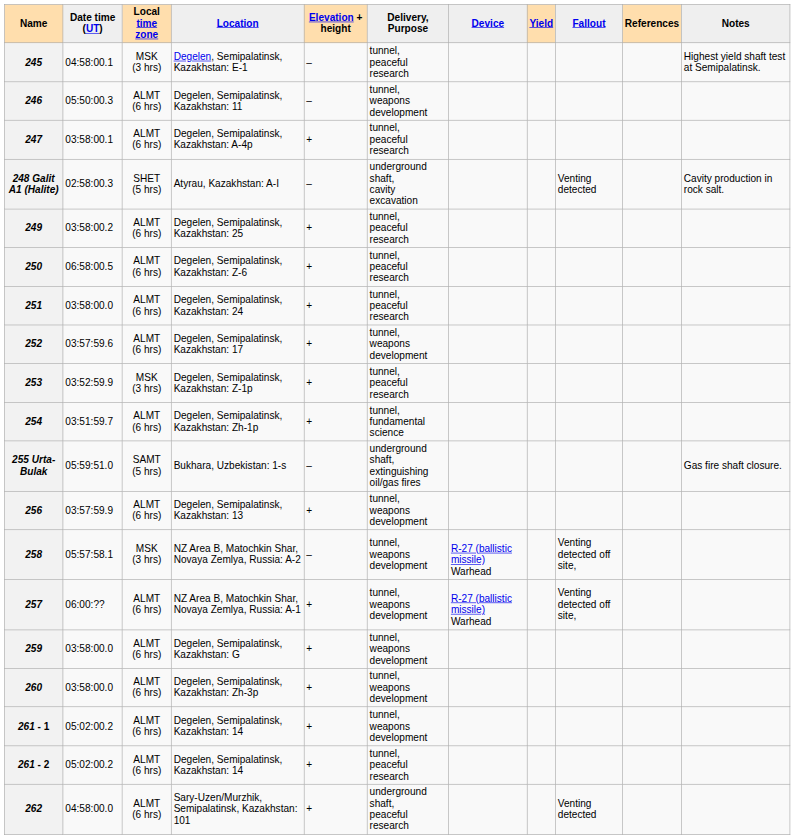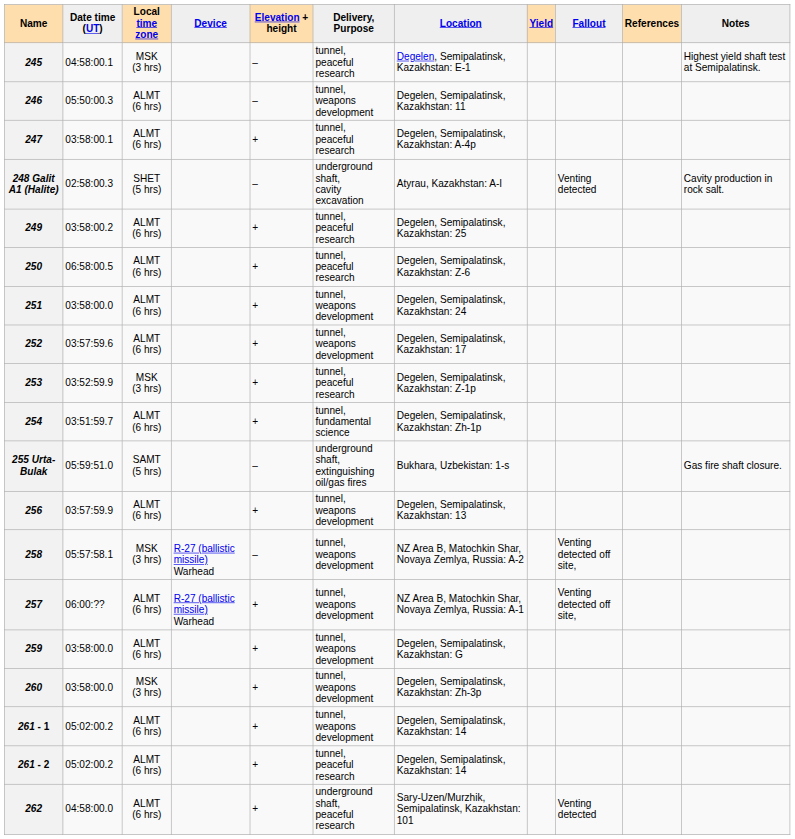 <table class="wikitable sortable">
 <tr>
 <th style="background:#ffdead;">Name </th>
 <th style="background:#efefef;">Date time (<a href='#'>UT</a>)</th>
 <th style="background:#ffdead;">Local <a href='#'>time zone</a></th>
-<th style="background:#efefef;"><a href='#'>Location</a></th>
+<th style="background:#efefef;"><a href='#'>Device</a></th>
 <th style="background:#ffdead;"><a href='#'>Elevation</a> + height </th>
 <th style="background:#efefef;">Delivery, <br>Purpose </th>
-<th style="background:#efefef;"><a href='#'>Device</a></th>
+<th style="background:#efefef;"><a href='#'>Location</a></th>
 <th style="background:#ffdead;"><a href='#'>Yield</a></th>
 <th style="background:#efefef;" class="unsortable"><a href='#'>Fallout</a></th>
 <th style="background:#ffdead;" class="unsortable">References</th>
 <th style="background:#efefef;" class="unsortable">Notes</th>
 </tr>
 <tr>
 <th><em>245</em></th>
 <td> 04:58:00.1</td>
 <td style="text-align:center;">MSK (3 hrs)<br></td>
-<td><a href='#'>Degelen</a>, Semipalatinsk, Kazakhstan: E-1 </td>
+<td></td>
 <td> – </td>
 <td>tunnel,<br>peaceful research</td>
-<td></td>
+<td><a href='#'>Degelen</a>, Semipalatinsk, Kazakhstan: E-1 </td>
 <td style="text-align:center;"></td>
 <td></td>
 <td></td>
 <td>Highest yield shaft test at Semipalatinsk.</td>
 </tr>
 <tr>
 <th><em>246</em></th>
 <td> 05:50:00.3</td>
 <td style="text-align:center;">ALMT (6 hrs)<br></td>
-<td>Degelen, Semipalatinsk, Kazakhstan: 11 </td>
+<td></td>
 <td> – </td>
 <td>tunnel,<br>weapons development</td>
-<td></td>
+<td>Degelen, Semipalatinsk, Kazakhstan: 11 </td>
 <td style="text-align:center;"></td>
 <td></td>
 <td></td>
 <td></td>
 </tr>
 <tr>
 <th><em>247</em></th>
 <td> 03:58:00.1</td>
 <td style="text-align:center;">ALMT (6 hrs)<br></td>
-<td>Degelen, Semipalatinsk, Kazakhstan: A-4p </td>
+<td></td>
 <td> +</td>
 <td>tunnel,<br>peaceful research</td>
-<td></td>
+<td>Degelen, Semipalatinsk, Kazakhstan: A-4p </td>
 <td style="text-align:center;"></td>
 <td></td>
 <td></td>
 <td></td>
 </tr>
 <tr>
 <th><em>248 Galit A1 (Halite)</em></th>
 <td> 02:58:00.3</td>
 <td style="text-align:center;">SHET (5 hrs)<br></td>
-<td>Atyrau, Kazakhstan: A-I </td>
+<td></td>
 <td> – </td>
 <td>underground shaft,<br>cavity excavation</td>
-<td></td>
+<td>Atyrau, Kazakhstan: A-I </td>
 <td style="text-align:center;"></td>
 <td>Venting detected</td>
 <td></td>
 <td>Cavity production in rock salt.</td>
 </tr>
 <tr>
 <th><em>249</em></th>
 <td> 03:58:00.2</td>
 <td style="text-align:center;">ALMT (6 hrs)<br></td>
-<td>Degelen, Semipalatinsk, Kazakhstan: 25 </td>
+<td></td>
 <td> +</td>
 <td>tunnel,<br>peaceful research</td>
-<td></td>
+<td>Degelen, Semipalatinsk, Kazakhstan: 25 </td>
 <td style="text-align:center;"></td>
 <td></td>
 <td></td>
 <td></td>
 </tr>
 <tr>
 <th><em>250</em></th>
 <td> 06:58:00.5</td>
 <td style="text-align:center;">ALMT (6 hrs)<br></td>
-<td>Degelen, Semipalatinsk, Kazakhstan: Z-6 </td>
+<td></td>
 <td> +</td>
 <td>tunnel,<br>peaceful research</td>
-<td></td>
+<td>Degelen, Semipalatinsk, Kazakhstan: Z-6 </td>
 <td style="text-align:center;"></td>
 <td></td>
 <td></td>
 <td></td>
 </tr>
 <tr>
 <th><em>251</em></th>
 <td> 03:58:00.0</td>
 <td style="text-align:center;">ALMT (6 hrs)<br></td>
+<td></td>
+<td> +</td>
+<td>tunnel,<br>weapons development</td>
 <td>Degelen, Semipalatinsk, Kazakhstan: 24 </td>
-<td> +</td>
-<td>tunnel,<br>peaceful research</td>
-<td></td>
 <td style="text-align:center;"></td>
 <td></td>
 <td></td>
 <td></td>
 </tr>
 <tr>
 <th><em>252</em></th>
 <td> 03:57:59.6</td>
 <td style="text-align:center;">ALMT (6 hrs)<br></td>
-<td>Degelen, Semipalatinsk, Kazakhstan: 17 </td>
+<td></td>
 <td> +</td>
 <td>tunnel,<br>weapons development</td>
-<td></td>
+<td>Degelen, Semipalatinsk, Kazakhstan: 17 </td>
 <td style="text-align:center;"></td>
 <td></td>
 <td></td>
 <td></td>
 </tr>
 <tr>
 <th><em>253</em></th>
 <td> 03:52:59.9</td>
 <td style="text-align:center;">MSK (3 hrs)<br></td>
-<td>Degelen, Semipalatinsk, Kazakhstan: Z-1p </td>
+<td></td>
 <td> +</td>
 <td>tunnel,<br>peaceful research</td>
-<td></td>
+<td>Degelen, Semipalatinsk, Kazakhstan: Z-1p </td>
 <td style="text-align:center;"></td>
 <td></td>
 <td></td>
 <td></td>
 </tr>
 <tr>
 <th><em>254</em></th>
 <td> 03:51:59.7</td>
 <td style="text-align:center;">ALMT (6 hrs)<br></td>
-<td>Degelen, Semipalatinsk, Kazakhstan: Zh-1p </td>
+<td></td>
 <td> +</td>
 <td>tunnel,<br>fundamental science</td>
-<td></td>
+<td>Degelen, Semipalatinsk, Kazakhstan: Zh-1p </td>
 <td style="text-align:center;"></td>
 <td></td>
 <td></td>
 <td></td>
 </tr>
 <tr>
 <th><em>255 Urta-Bulak</em></th>
 <td> 05:59:51.0</td>
 <td style="text-align:center;">SAMT (5 hrs)<br></td>
-<td>Bukhara, Uzbekistan: 1-s </td>
+<td></td>
 <td> – </td>
 <td>underground shaft,<br>extinguishing oil/gas fires</td>
-<td></td>
+<td>Bukhara, Uzbekistan: 1-s </td>
 <td style="text-align:center;"></td>
 <td></td>
 <td></td>
 <td>Gas fire shaft closure. </td>
 </tr>
 <tr>
 <th><em>256</em></th>
 <td> 03:57:59.9</td>
 <td style="text-align:center;">ALMT (6 hrs)<br></td>
-<td>Degelen, Semipalatinsk, Kazakhstan: 13 </td>
+<td></td>
 <td> +</td>
 <td>tunnel,<br>weapons development</td>
-<td></td>
+<td>Degelen, Semipalatinsk, Kazakhstan: 13 </td>
 <td style="text-align:center;"></td>
 <td></td>
 <td></td>
 <td></td>
 </tr>
 <tr>
 <th><em>258</em></th>
 <td> 05:57:58.1</td>
 <td style="text-align:center;">MSK (3 hrs)<br></td>
-<td>NZ Area B, Matochkin Shar, Novaya Zemlya, Russia: A-2 </td>
+<td><br><a href='#'>R-27 (ballistic missile)</a> Warhead</td>
 <td> – </td>
 <td>tunnel,<br>weapons development</td>
-<td><br><a href='#'>R-27 (ballistic missile)</a> Warhead</td>
+<td>NZ Area B, Matochkin Shar, Novaya Zemlya, Russia: A-2 </td>
 <td style="text-align:center;"></td>
 <td>Venting detected off site, </td>
 <td></td>
 <td></td>
 </tr>
 <tr>
 <th><em>257</em></th>
 <td> 06:00:??</td>
 <td style="text-align:center;">ALMT (6 hrs)<br></td>
-<td>NZ Area B, Matochkin Shar, Novaya Zemlya, Russia: A-1 </td>
+<td><br><a href='#'>R-27 (ballistic missile)</a> Warhead</td>
 <td> +</td>
 <td>tunnel,<br>weapons development</td>
-<td><br><a href='#'>R-27 (ballistic missile)</a> Warhead</td>
+<td>NZ Area B, Matochkin Shar, Novaya Zemlya, Russia: A-1 </td>
 <td style="text-align:center;"></td>
 <td>Venting detected off site, </td>
 <td></td>
 <td></td>
 </tr>
 <tr>
 <th><em>259</em></th>
 <td> 03:58:00.0</td>
 <td style="text-align:center;">ALMT (6 hrs)<br></td>
-<td>Degelen, Semipalatinsk, Kazakhstan: G </td>
+<td></td>
 <td> +</td>
 <td>tunnel,<br>weapons development</td>
-<td></td>
+<td>Degelen, Semipalatinsk, Kazakhstan: G </td>
 <td style="text-align:center;"></td>
 <td></td>
 <td></td>
 <td></td>
 </tr>
 <tr>
 <th><em>260</em></th>
 <td> 03:58:00.0</td>
-<td style="text-align:center;">ALMT (6 hrs)<br></td>
-<td>Degelen, Semipalatinsk, Kazakhstan: Zh-3p </td>
+<td style="text-align:center;">MSK (3 hrs)<br></td>
+<td></td>
 <td> +</td>
 <td>tunnel,<br>weapons development</td>
-<td></td>
+<td>Degelen, Semipalatinsk, Kazakhstan: Zh-3p </td>
 <td style="text-align:center;"></td>
 <td></td>
 <td></td>
 <td></td>
 </tr>
 <tr>
 <th><em>261</em> - 1</th>
 <td> 05:02:00.2</td>
 <td style="text-align:center;">ALMT (6 hrs)<br></td>
-<td>Degelen, Semipalatinsk, Kazakhstan: 14 </td>
+<td></td>
 <td> +</td>
 <td>tunnel,<br>weapons development</td>
-<td></td>
+<td>Degelen, Semipalatinsk, Kazakhstan: 14 </td>
 <td style="text-align:center;"></td>
 <td></td>
 <td></td>
 <td></td>
 </tr>
 <tr>
 <th><em>261</em> - 2</th>
 <td> 05:02:00.2</td>
 <td style="text-align:center;">ALMT (6 hrs)<br></td>
-<td>Degelen, Semipalatinsk, Kazakhstan: 14 </td>
+<td></td>
 <td> +</td>
 <td>tunnel,<br>peaceful research</td>
-<td></td>
+<td>Degelen, Semipalatinsk, Kazakhstan: 14 </td>
 <td style="text-align:center;"></td>
 <td></td>
 <td></td>
 <td></td>
 </tr>
 <tr>
 <th><em>262</em></th>
 <td> 04:58:00.0</td>
 <td style="text-align:center;">ALMT (6 hrs)<br></td>
-<td>Sary-Uzen/Murzhik, Semipalatinsk, Kazakhstan: 101 </td>
+<td></td>
 <td> +</td>
 <td>underground shaft,<br>peaceful research</td>
-<td></td>
+<td>Sary-Uzen/Murzhik, Semipalatinsk, Kazakhstan: 101 </td>
 <td style="text-align:center;"></td>
 <td>Venting detected</td>
 <td></td>
 <td></td>
 </tr>
 </table>
